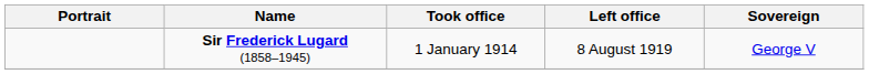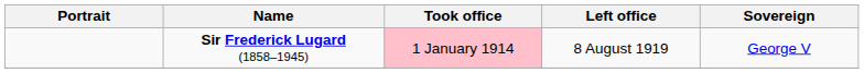 <table class="wikitable" style="text-align:center" width="73%">
 <tr>
 <th width=10%>Portrait</th>
 <th width=14%>Name</th>
 <th width=10%>Took office</th>
 <th width=10%>Left office</th>
 <th width=10%>Sovereign</th>
 </tr>
 <tr>
 <td></td>
 <td><strong>Sir <a href='#'>Frederick Lugard</a></strong><br><small>(1858–1945)</small></td>
-<td>1 January 1914</td>
+<td style="background: pink;">1 January 1914</td>
 <td>8 August 1919</td>
 <td><a href='#'>George V</a></td>
 </tr>
 <tr>
 </tr>
 </table>
